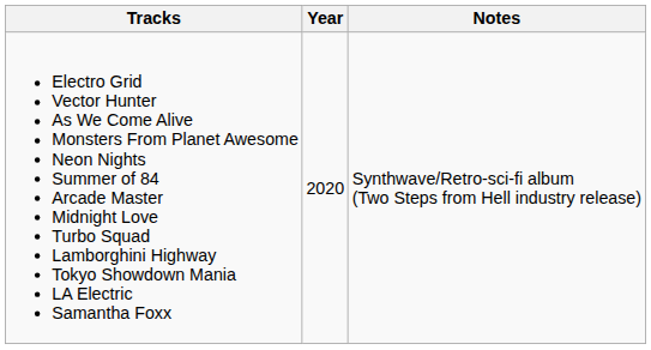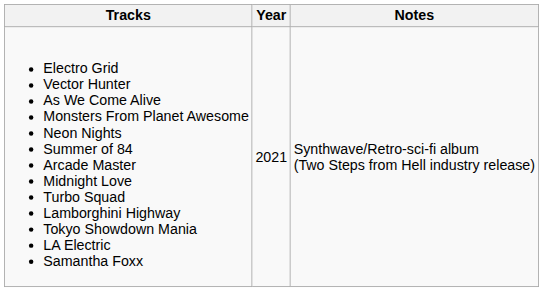 <table class="wikitable sortable">
 <tr>
 <th>Tracks</th>
 <th>Year</th>
 <th>Notes</th>
 </tr>
 <tr>
 <td><br><ul><li>Electro Grid</li><li>Vector Hunter</li><li>As We Come Alive</li><li>Monsters From Planet Awesome</li><li>Neon Nights</li><li>Summer of 84</li><li>Arcade Master</li><li>Midnight Love</li><li>Turbo Squad</li><li>Lamborghini Highway</li><li>Tokyo Showdown Mania</li><li>LA Electric</li><li>Samantha Foxx</li></ul></td>
-<td>2020</td>
+<td>2021</td>
 <td>Synthwave/Retro-sci-fi album<br>(Two Steps from Hell industry release)</td>
 </tr>
 </table>
